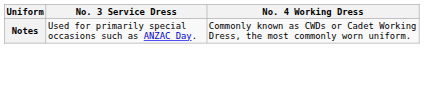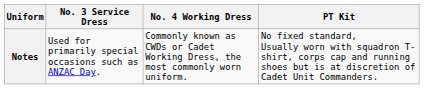 <table class="wikitable mw-collapsible">
 <tr>
 <th>Uniform</th>
 <th>No. 3 Service Dress</th>
 <th>No. 4 Working Dress</th>
+<th>PT Kit</th>
 </tr>
 <tr>
 <th>Notes</th>
 <td>Used for primarily special occasions such as <a href='#'>ANZAC Day</a>.</td>
 <td>Commonly known as CWDs or Cadet Working Dress, the most commonly worn uniform.</td>
+<td>No fixed standard,<br>Usually worn with squadron T-shirt, corps cap and running shoes but is at discretion of Cadet Unit Commanders.</td>
 </tr>
 </table>
